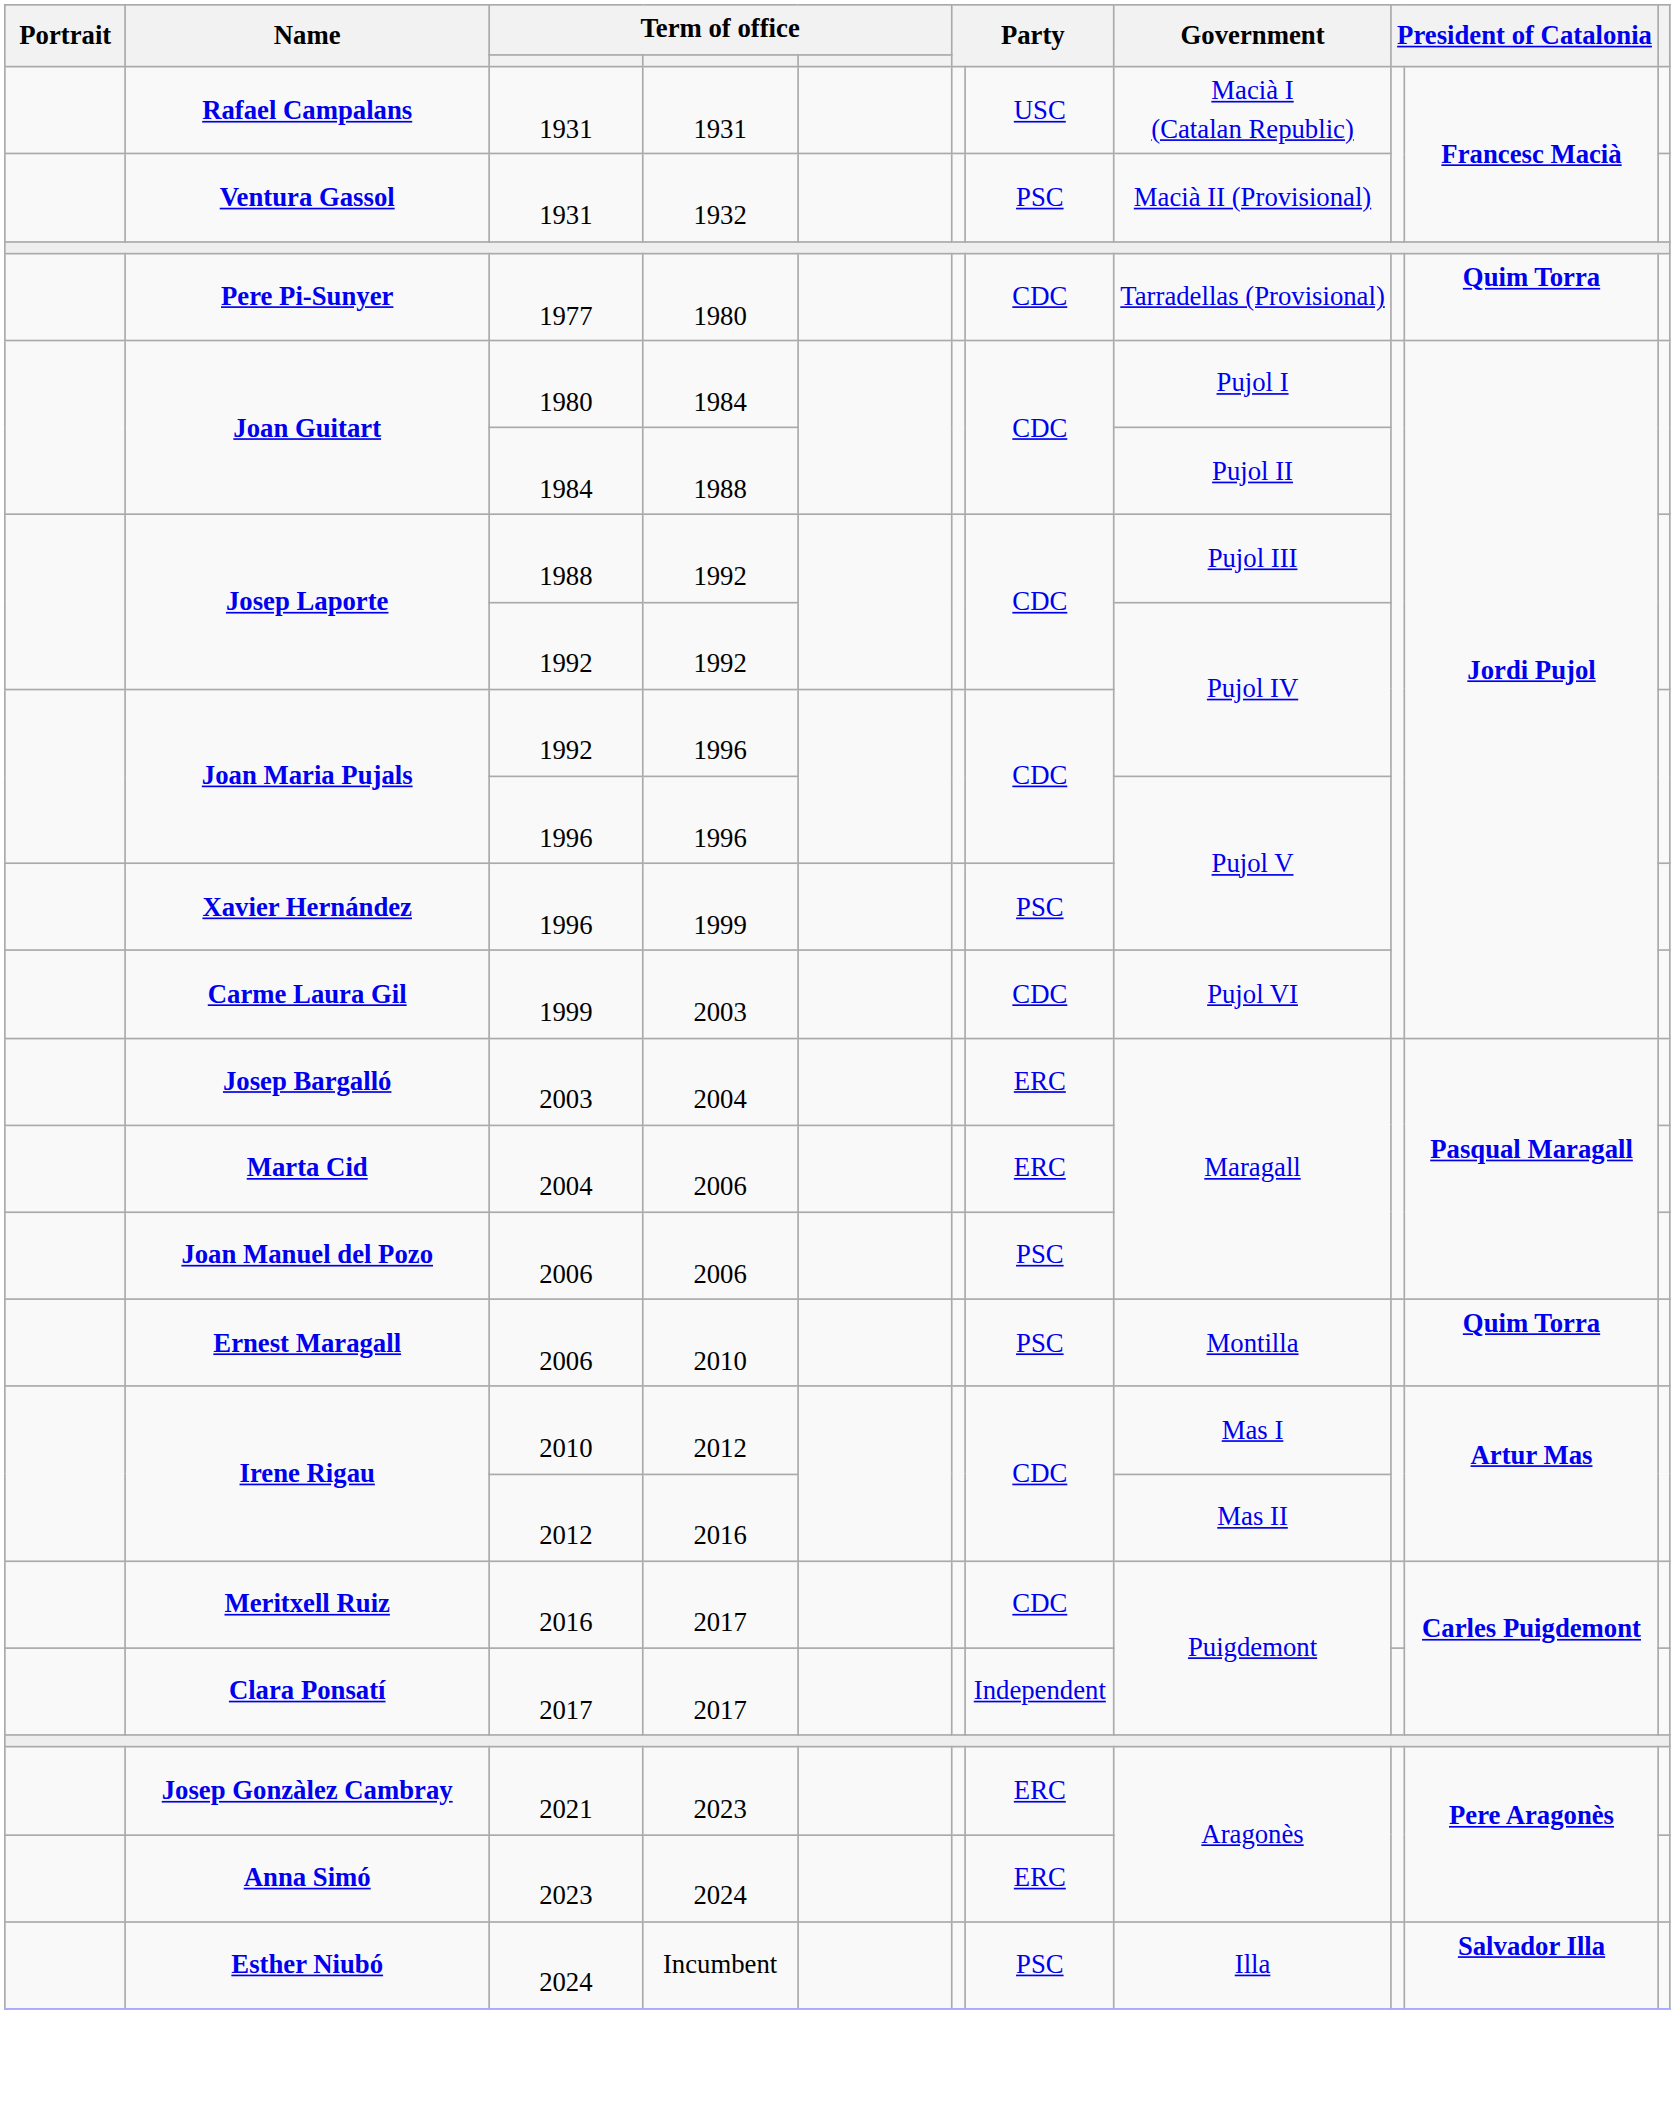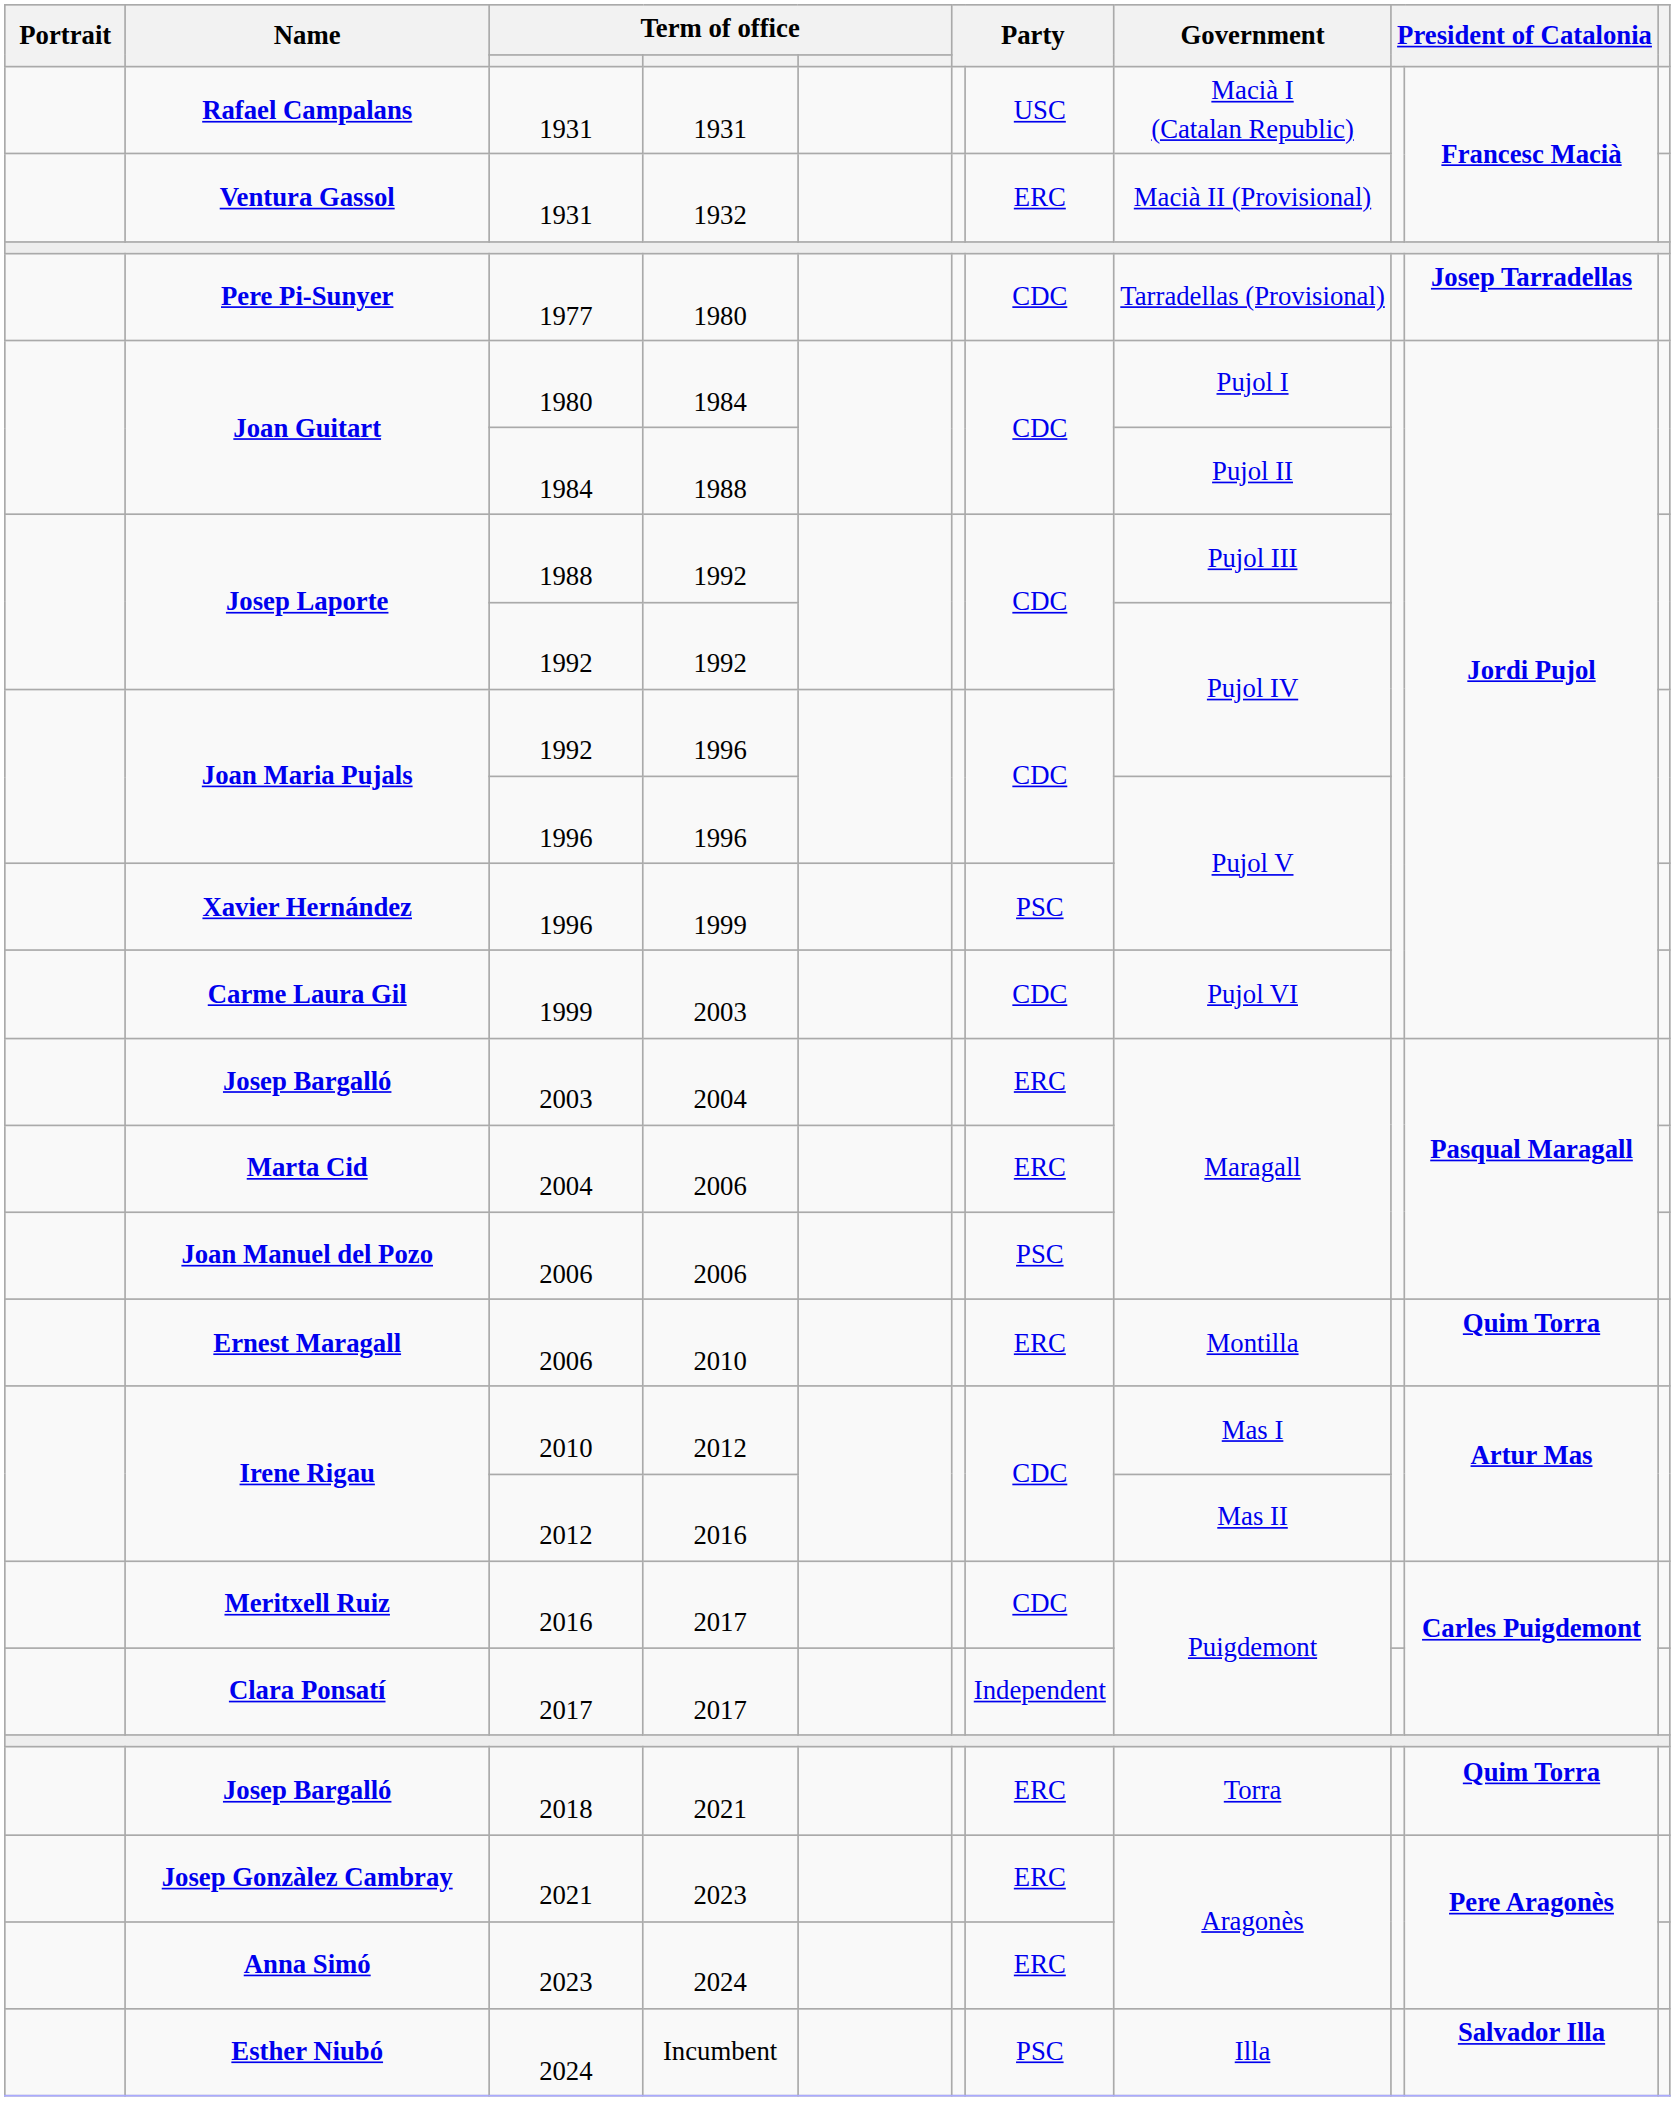 <table class="wikitable" style="line-height:1.4em; text-align:center; border:1px #aaf solid;">
 <tr>
 <th rowspan="2" width="65">Portrait</th>
 <th rowspan="2" width="210">Name<br></th>
 <th colspan="3">Term of office</th>
 <th rowspan="2" colspan="2" width="90">Party</th>
 <th rowspan="2">Government</th>
 <th rowspan="2" colspan="2"><a href='#'>President of Catalonia</a><br></th>
 <th rowspan="2"></th>
 </tr>
 <tr>
 <th width="85"></th>
 <th width="85"></th>
 <th width="85"></th>
 </tr>
 <tr>
 <td></td>
 <td><strong><a href='#'>Rafael Campalans</a></strong><br></td>
 <td class="nowrap"><br>1931</td>
 <td class="nowrap"><br>1931</td>
 <td style="font-size:95%;"></td>
 <td width="1" style="color:inherit;background:"></td>
 <td><a href='#'>USC</a></td>
 <td><a href='#'>Macià I<br>(Catalan Republic)</a></td>
 <td rowspan="2" width="1" style="color:inherit;background:"></td>
 <td rowspan="2"><strong><a href='#'>Francesc Macià</a></strong><br></td>
 <td align="center"></td>
 </tr>
 <tr>
 <td></td>
 <td><strong><a href='#'>Ventura Gassol</a></strong><br></td>
 <td class="nowrap"><br>1931</td>
 <td class="nowrap"><br>1932</td>
 <td style="font-size:95%;"></td>
 <td width="1" style="color:inherit;background:"></td>
-<td><a href='#'>PSC</a></td>
+<td><a href='#'>ERC</a></td>
 <td><a href='#'>Macià II (Provisional)</a></td>
 <td align="center"></td>
 </tr>
 <tr>
 <td colspan="11" style="background:#EEEEEE;"></td>
 </tr>
 <tr>
 <td></td>
 <td><strong><a href='#'>Pere Pi-Sunyer</a></strong><br></td>
 <td class="nowrap"><br>1977</td>
 <td class="nowrap"><br>1980</td>
 <td style="font-size:95%;"></td>
 <td style="color:inherit;background:"></td>
 <td><a href='#'>CDC</a></td>
 <td><a href='#'>Tarradellas (Provisional)</a></td>
 <td style="color:inherit;background:"></td>
-<td><strong><a href='#'>Quim Torra</a></strong><br><br></td>
+<td><strong><a href='#'>Josep Tarradellas</a></strong><br><br></td>
 <td align="center"></td>
 </tr>
 <tr>
 <td rowspan="2"></td>
 <td rowspan="2"><strong><a href='#'>Joan Guitart</a></strong><br></td>
 <td class="nowrap"><br>1980</td>
 <td class="nowrap"><br>1984</td>
 <td rowspan="2" style="font-size:95%;"></td>
 <td rowspan="2" style="color:inherit;background:"></td>
 <td rowspan="2"><a href='#'>CDC</a></td>
 <td><a href='#'>Pujol I</a></td>
 <td rowspan="8" style="color:inherit;background:"></td>
 <td rowspan="8"><strong><a href='#'>Jordi Pujol</a></strong><br><br></td>
 <td rowspan="2" align="center"></td>
 </tr>
 <tr>
 <td class="nowrap"><br>1984</td>
 <td class="nowrap"><br>1988</td>
 <td><a href='#'>Pujol II</a></td>
 </tr>
 <tr>
 <td rowspan="2"></td>
 <td rowspan="2"><strong><a href='#'>Josep Laporte</a></strong><br></td>
 <td class="nowrap"><br>1988</td>
 <td class="nowrap"><br>1992</td>
 <td rowspan="2" style="font-size:95%;"></td>
 <td rowspan="2" style="color:inherit;background:"></td>
 <td rowspan="2"><a href='#'>CDC</a></td>
 <td><a href='#'>Pujol III</a></td>
 <td rowspan="2" align="center"></td>
 </tr>
 <tr>
 <td class="nowrap"><br>1992</td>
 <td class="nowrap"><br>1992</td>
 <td rowspan="2"><a href='#'>Pujol IV</a></td>
 </tr>
 <tr>
 <td rowspan="2"></td>
 <td rowspan="2"><strong><a href='#'>Joan Maria Pujals</a></strong><br></td>
 <td class="nowrap"><br>1992</td>
 <td class="nowrap"><br>1996</td>
 <td rowspan="2" style="font-size:95%;"></td>
 <td rowspan="2" style="color:inherit;background:"></td>
 <td rowspan="2"><a href='#'>CDC</a></td>
 <td rowspan="2" align="center"></td>
 </tr>
 <tr>
 <td class="nowrap"><br>1996</td>
 <td class="nowrap"><br>1996</td>
 <td rowspan="2"><a href='#'>Pujol V</a></td>
 </tr>
 <tr>
 <td></td>
 <td><strong><a href='#'>Xavier Hernández</a></strong><br></td>
 <td class="nowrap"><br>1996</td>
 <td class="nowrap"><br>1999</td>
 <td style="font-size:95%;"></td>
 <td style="color:inherit;background:"></td>
 <td><a href='#'>PSC</a></td>
 <td align="center"></td>
 </tr>
 <tr>
 <td></td>
 <td><strong><a href='#'>Carme Laura Gil</a></strong><br></td>
 <td class="nowrap"><br>1999</td>
 <td class="nowrap"><br>2003</td>
 <td style="font-size:95%;"></td>
 <td style="color:inherit;background:"></td>
 <td><a href='#'>CDC</a></td>
 <td><a href='#'>Pujol VI</a></td>
 <td align="center"></td>
 </tr>
 <tr>
 <td></td>
 <td><strong><a href='#'>Josep Bargalló</a></strong><br></td>
 <td class="nowrap"><br>2003</td>
 <td class="nowrap"><br>2004</td>
 <td style="font-size:95%;"></td>
 <td style="color:inherit;background:"></td>
 <td><a href='#'>ERC</a></td>
 <td rowspan="3"><a href='#'>Maragall</a></td>
 <td rowspan="3" style="color:inherit;background:"></td>
 <td rowspan="3"><strong><a href='#'>Pasqual Maragall</a></strong><br><br></td>
 <td align="center"></td>
 </tr>
 <tr>
 <td></td>
 <td><strong><a href='#'>Marta Cid</a></strong><br></td>
 <td class="nowrap"><br>2004</td>
 <td class="nowrap"><br>2006</td>
 <td style="font-size:95%;"></td>
 <td style="color:inherit;background:"></td>
 <td><a href='#'>ERC</a></td>
 <td align="center"></td>
 </tr>
 <tr>
 <td></td>
 <td><strong><a href='#'>Joan Manuel del Pozo</a></strong><br></td>
 <td class="nowrap"><br>2006</td>
 <td class="nowrap"><br>2006</td>
 <td style="font-size:95%;"></td>
 <td style="color:inherit;background:"></td>
 <td><a href='#'>PSC</a></td>
 <td align="center"></td>
 </tr>
 <tr>
 <td></td>
 <td><strong><a href='#'>Ernest Maragall</a></strong><br></td>
 <td class="nowrap"><br>2006</td>
 <td class="nowrap"><br>2010</td>
 <td style="font-size:95%;"></td>
 <td style="color:inherit;background:"></td>
-<td><a href='#'>PSC</a></td>
+<td><a href='#'>ERC</a></td>
 <td><a href='#'>Montilla</a></td>
 <td style="color:inherit;background:"></td>
 <td><strong><a href='#'>Quim Torra</a></strong><br><br></td>
 <td align="center"></td>
 </tr>
 <tr>
 <td rowspan="2"></td>
 <td rowspan="2"><strong><a href='#'>Irene Rigau</a></strong><br></td>
 <td class="nowrap"><br>2010</td>
 <td class="nowrap"><br>2012</td>
 <td rowspan="2" style="font-size:95%;"></td>
 <td rowspan="2" style="color:inherit;background-color:"></td>
 <td rowspan="2"><a href='#'>CDC</a></td>
 <td><a href='#'>Mas I</a></td>
 <td rowspan="2" style="color:inherit;background:"></td>
 <td rowspan="2"><strong><a href='#'>Artur Mas</a></strong><br><br></td>
 <td rowspan="2" align="center"></td>
 </tr>
 <tr>
 <td class="nowrap"><br>2012</td>
 <td class="nowrap"><br>2016</td>
 <td><a href='#'>Mas II</a></td>
 </tr>
 <tr>
 <td></td>
 <td><strong><a href='#'>Meritxell Ruiz</a></strong><br></td>
 <td class="nowrap"><br>2016</td>
 <td class="nowrap"><br>2017</td>
 <td style="font-size:95%;"></td>
 <td style="color:inherit;background-color:"></td>
 <td><a href='#'>CDC</a></td>
 <td rowspan="2"><a href='#'>Puigdemont</a></td>
 <td style="color:inherit;background:"></td>
 <td rowspan="2"><strong><a href='#'>Carles Puigdemont</a></strong><br><br></td>
 <td align="center"></td>
 </tr>
 <tr>
 <td></td>
 <td><strong><a href='#'>Clara Ponsatí</a></strong><br></td>
 <td class="nowrap"><br>2017</td>
 <td class="nowrap"><br>2017</td>
 <td style="font-size:95%;"></td>
 <td style="color:inherit;background-color:"></td>
 <td><a href='#'>Independent</a></td>
 <td style="color:inherit;background:"></td>
 <td align="center"></td>
 </tr>
 <tr>
 <td colspan="11" style="background:#EEEEEE;"></td>
 </tr>
 <tr>
 <td></td>
+<td><strong><a href='#'>Josep Bargalló</a></strong><br></td>
+<td class="nowrap"><br>2018</td>
+<td class="nowrap"><br>2021</td>
+<td style="font-size:95%;"></td>
+<td style="color:inherit;background:"></td>
+<td><a href='#'>ERC</a></td>
+<td><a href='#'>Torra</a></td>
+<td style="color:inherit;background:"></td>
+<td><strong><a href='#'>Quim Torra</a></strong><br><br></td>
+<td align="center"></td>
+</tr>
+<tr>
+<td></td>
 <td><strong><a href='#'>Josep Gonzàlez Cambray</a></strong><br></td>
 <td class="nowrap"><br>2021</td>
 <td class="nowrap"><br>2023</td>
 <td style="font-size:95%;"></td>
 <td style="color:inherit;background-color:"></td>
 <td><a href='#'>ERC</a></td>
 <td rowspan="2"><a href='#'>Aragonès</a></td>
 <td rowspan="2" style="color:inherit;background:"></td>
 <td rowspan="2"><strong><a href='#'>Pere Aragonès</a></strong><br><br></td>
 <td align="center"></td>
 </tr>
 <tr>
 <td></td>
 <td><strong><a href='#'>Anna Simó</a></strong><br></td>
 <td class="nowrap"><br>2023</td>
 <td class="nowrap"><br>2024</td>
 <td style="font-size:95%;"></td>
 <td style="color:inherit;background-color:"></td>
 <td><a href='#'>ERC</a></td>
 <td align="center"></td>
 </tr>
 <tr>
 <td></td>
 <td><strong><a href='#'>Esther Niubó</a></strong><br></td>
 <td class="nowrap"><br>2024</td>
 <td class="nowrap">Incumbent</td>
 <td style="font-size:95%;"></td>
 <td style="color:inherit;background:"></td>
 <td><a href='#'>PSC</a></td>
 <td><a href='#'>Illa</a></td>
 <td style="color:inherit;background:"></td>
 <td><strong><a href='#'>Salvador Illa</a></strong><br><br></td>
 <td align="center"></td>
 </tr>
 <tr>
 </tr>
 </table>
